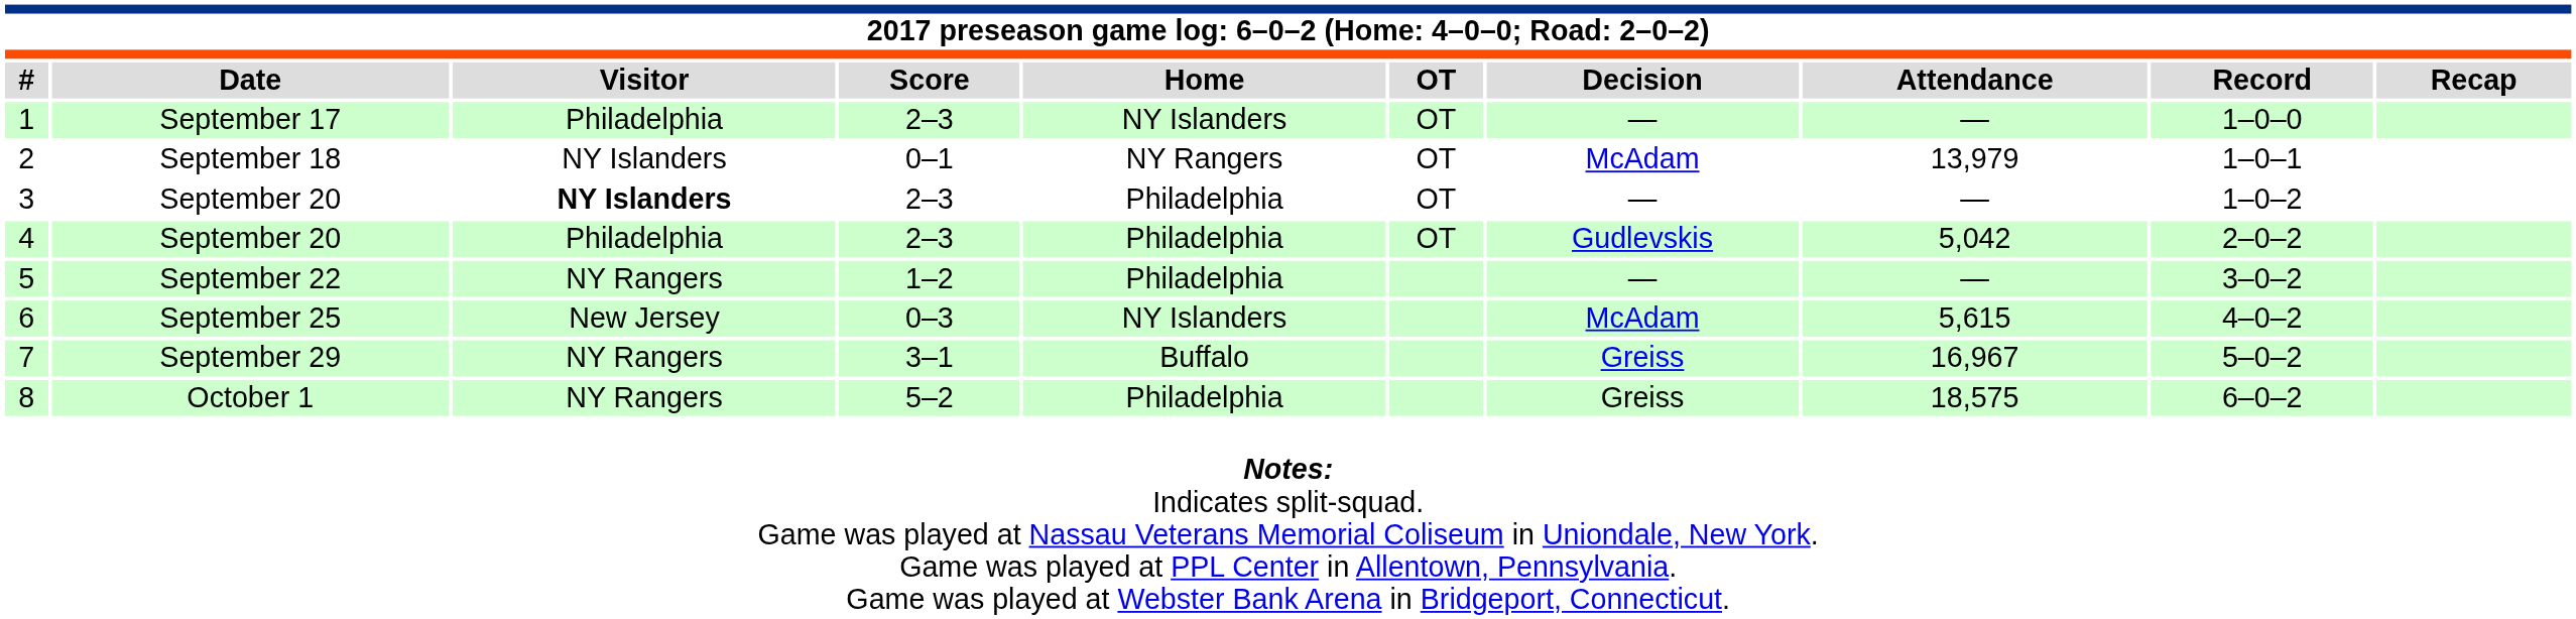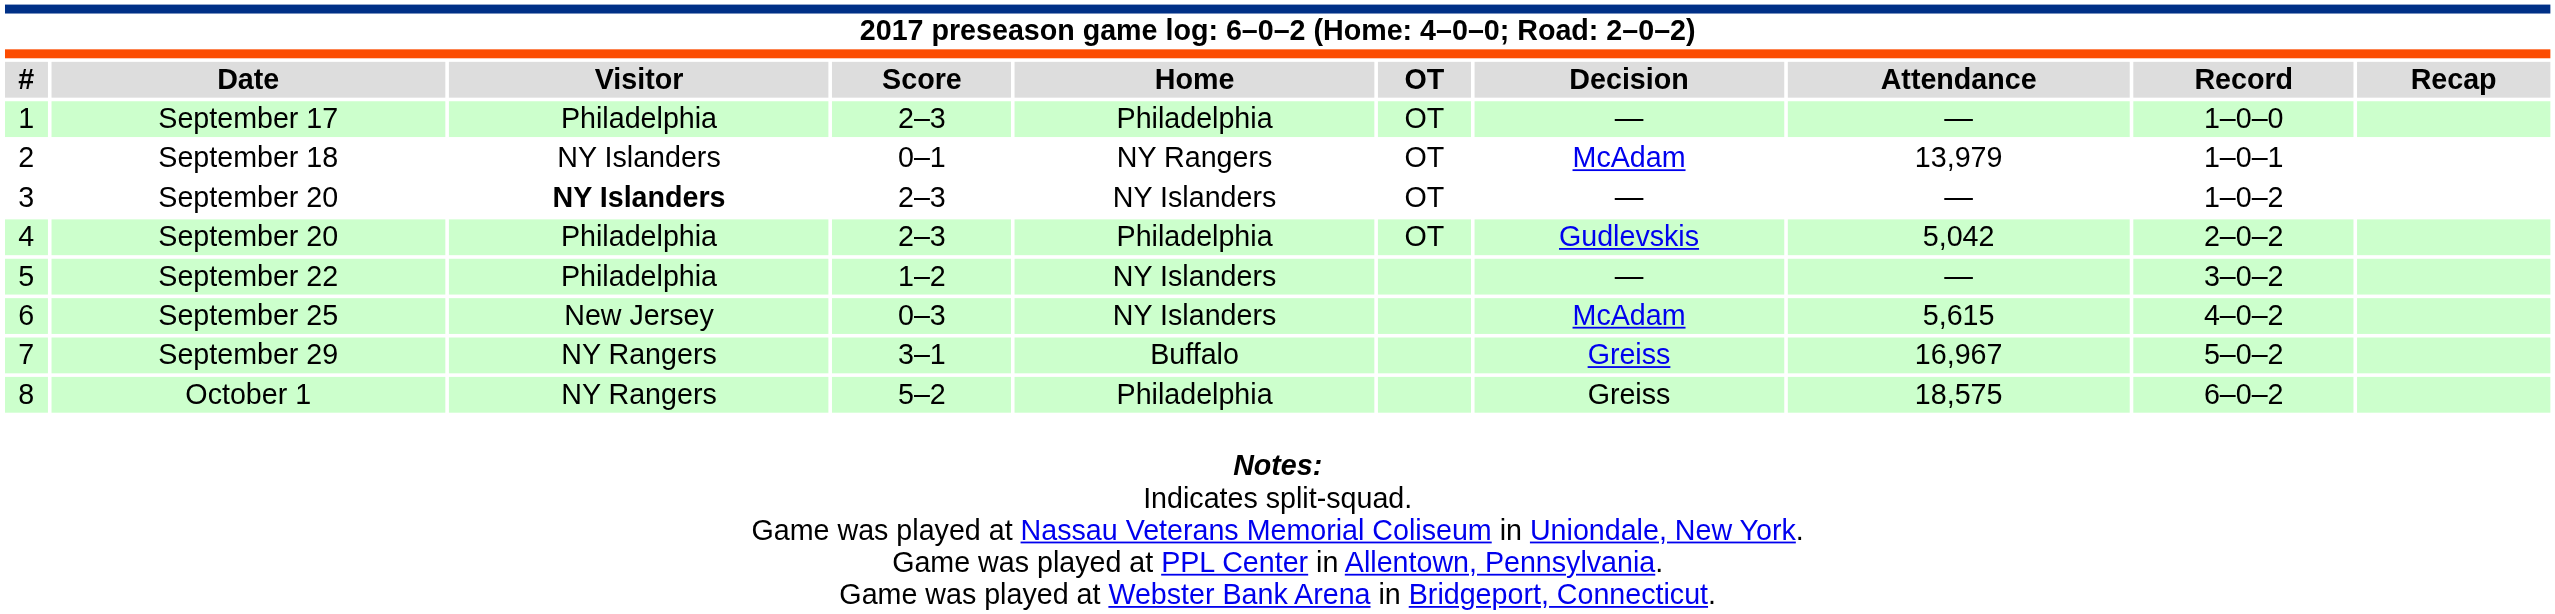 <table class="toccolours collapsible collapsed" style="width:90%; clear:both; margin:1.5em auto; text-align:center;">
 <tr>
 <th colspan=10 style="background:#FFFFFF; border-top:#003087 5px solid; border-bottom:#FC4C02 5px solid;">2017 preseason game log: 6–0–2 (Home: 4–0–0; Road: 2–0–2)</th>
 </tr>
 <tr style="background:#ddd;">
 <th>#</th>
 <th>Date</th>
 <th>Visitor</th>
 <th>Score</th>
 <th>Home</th>
 <th>OT</th>
 <th>Decision</th>
 <th>Attendance</th>
 <th>Record</th>
 <th>Recap</th>
 </tr>
 <tr style="background:#cfc;">
 <td>1</td>
 <td>September 17</td>
 <td>Philadelphia</td>
 <td>2–3</td>
-<td>NY Islanders</td>
+<td>Philadelphia</td>
 <td>OT</td>
 <td>—</td>
 <td>—</td>
 <td>1–0–0</td>
 <td></td>
 </tr>
 <tr style="background:#fff;">
 <td>2</td>
 <td>September 18</td>
 <td>NY Islanders</td>
 <td>0–1</td>
 <td>NY Rangers</td>
 <td>OT</td>
 <td><a href='#'>McAdam</a></td>
 <td>13,979</td>
 <td>1–0–1</td>
 <td></td>
 </tr>
 <tr style="background:#fff;">
 <td>3</td>
 <td>September 20</td>
 <td><strong>NY Islanders</strong></td>
 <td>2–3</td>
-<td>Philadelphia</td>
+<td>NY Islanders</td>
 <td>OT</td>
 <td>—</td>
 <td>—</td>
 <td>1–0–2</td>
 <td></td>
 </tr>
 <tr style="background:#cfc;">
 <td>4</td>
 <td>September 20</td>
 <td>Philadelphia</td>
 <td>2–3</td>
 <td>Philadelphia</td>
 <td>OT</td>
 <td><a href='#'>Gudlevskis</a></td>
 <td>5,042</td>
 <td>2–0–2</td>
 <td></td>
 </tr>
 <tr style="background:#cfc;">
 <td>5</td>
 <td>September 22</td>
-<td>NY Rangers</td>
+<td>Philadelphia</td>
 <td>1–2</td>
-<td>Philadelphia</td>
+<td>NY Islanders</td>
 <td></td>
 <td>—</td>
 <td>—</td>
 <td>3–0–2</td>
 <td></td>
 </tr>
 <tr style="background:#cfc;">
 <td>6</td>
 <td>September 25</td>
 <td>New Jersey</td>
 <td>0–3</td>
 <td>NY Islanders</td>
 <td></td>
 <td><a href='#'>McAdam</a></td>
 <td>5,615</td>
 <td>4–0–2</td>
 <td></td>
 </tr>
 <tr style="background:#cfc;">
 <td>7</td>
 <td>September 29</td>
 <td>NY Rangers</td>
 <td>3–1</td>
 <td>Buffalo</td>
 <td></td>
 <td><a href='#'>Greiss</a></td>
 <td>16,967</td>
 <td>5–0–2</td>
 <td></td>
 </tr>
 <tr style="background:#cfc;">
 <td>8</td>
 <td>October 1</td>
 <td>NY Rangers</td>
 <td>5–2</td>
 <td>Philadelphia</td>
 <td></td>
 <td>Greiss</td>
 <td>18,575</td>
 <td>6–0–2</td>
 <td></td>
 </tr>
 <tr>
 <td colspan="10" style="text-align:center;"><br><strong><em>Notes:</em></strong><br>  Indicates split-squad.<br>  Game was played at <a href='#'>Nassau Veterans Memorial Coliseum</a> in <a href='#'>Uniondale, New York</a>.<br>  Game was played at <a href='#'>PPL Center</a> in <a href='#'>Allentown, Pennsylvania</a>.<br>  Game was played at <a href='#'>Webster Bank Arena</a> in <a href='#'>Bridgeport, Connecticut</a>.</td>
 </tr>
 </table>
